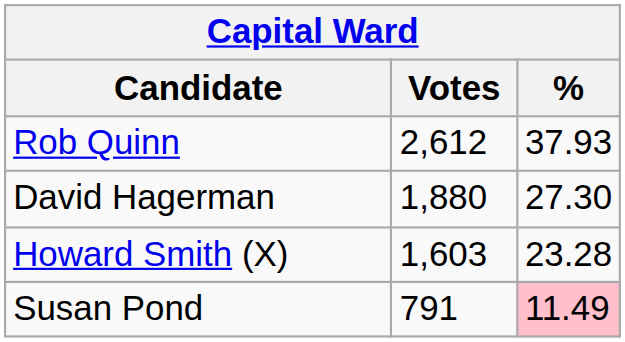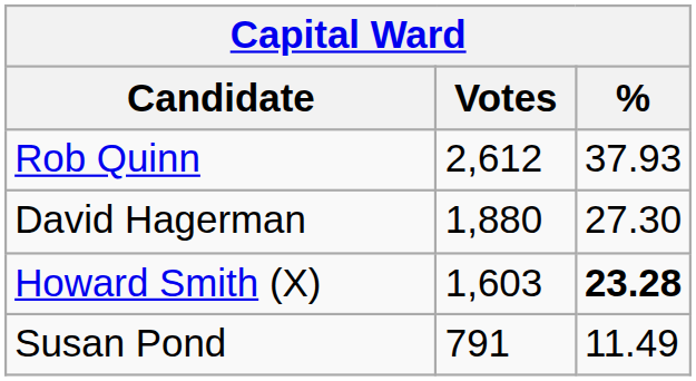 <table class="wikitable">
 <tr>
 <th colspan="3"><a href='#'>Capital Ward</a></th>
 </tr>
 <tr>
 <th style="width: 170px">Candidate</th>
 <th style="width: 50px">Votes</th>
 <th style="width: 40px">%</th>
 </tr>
 <tr>
 <td><a href='#'>Rob Quinn</a></td>
 <td>2,612</td>
 <td>37.93</td>
 </tr>
 <tr>
 <td>David Hagerman</td>
 <td>1,880</td>
 <td>27.30</td>
 </tr>
 <tr>
 <td><a href='#'>Howard Smith</a> (X)</td>
 <td>1,603</td>
-<td>23.28</td>
+<td><strong>23.28</strong></td>
 </tr>
 <tr>
 <td>Susan Pond</td>
 <td>791</td>
-<td style="background: pink;">11.49</td>
+<td>11.49</td>
 </tr>
 </table>
